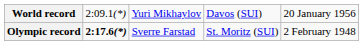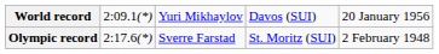 <table class="wikitable" style="font-size:95%;">
 <tr>
 <th>World record</th>
 <td>2:09.1<em>(*)</em></td>
 <td> <a href='#'>Yuri Mikhaylov</a></td>
 <td><a href='#'>Davos</a> (<a href='#'>SUI</a>)</td>
 <td>20 January 1956</td>
 </tr>
 <tr>
 <th>Olympic record</th>
-<td><strong>2:17.6<em>(*)</em></strong></td>
+<td>2:17.6<em>(*)</em></td>
 <td> <a href='#'>Sverre Farstad</a></td>
 <td><a href='#'>St. Moritz</a> (<a href='#'>SUI</a>)</td>
 <td>2 February 1948</td>
 </tr>
 </table>
